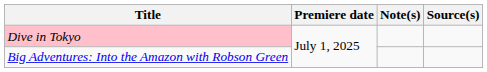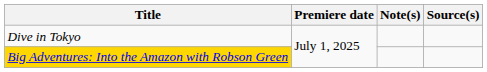 <table class="wikitable sortable">
 <tr>
 <th>Title</th>
 <th>Premiere date</th>
 <th>Note(s)</th>
 <th>Source(s)</th>
 </tr>
 <tr>
-<td style="background: pink;"><em>Dive in Tokyo</em></td>
+<td><em>Dive in Tokyo</em></td>
 <td rowspan="2">July 1, 2025</td>
 <td></td>
 <td></td>
 </tr>
 <tr>
-<td><em><a href='#'>Big Adventures: Into the Amazon with Robson Green</a></em></td>
+<td style="background: gold;"><em><a href='#'>Big Adventures: Into the Amazon with Robson Green</a></em></td>
 <td></td>
 <td></td>
 </tr>
 </table>
